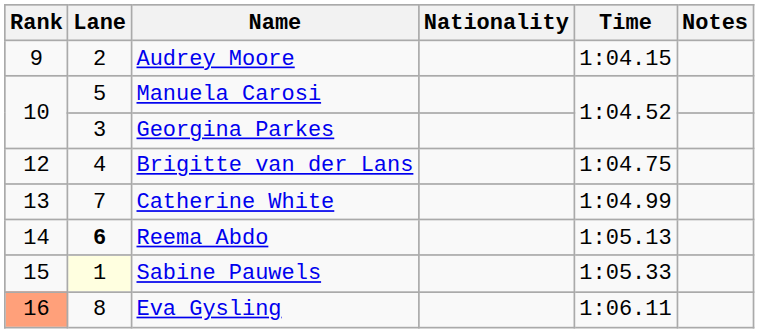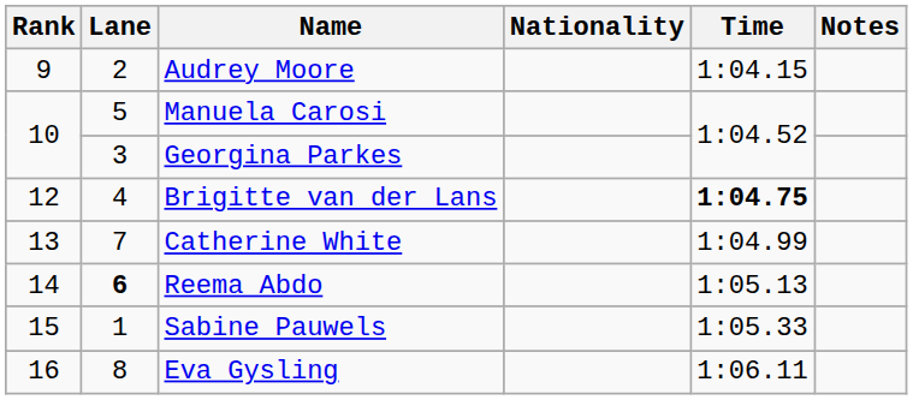 <table class="wikitable sortable" style="text-align:center">
 <tr>
 <th>Rank</th>
 <th>Lane</th>
 <th>Name</th>
 <th>Nationality</th>
 <th>Time</th>
 <th>Notes</th>
 </tr>
 <tr>
 <td>9</td>
 <td>2</td>
 <td align=left><a href='#'>Audrey Moore</a></td>
 <td align=left></td>
 <td>1:04.15</td>
 <td></td>
 </tr>
 <tr>
 <td rowspan=2>10</td>
 <td>5</td>
 <td align=left><a href='#'>Manuela Carosi</a></td>
 <td align=left></td>
 <td rowspan=2>1:04.52</td>
 <td></td>
 </tr>
 <tr>
 <td>3</td>
 <td align=left><a href='#'>Georgina Parkes</a></td>
 <td align=left></td>
 <td></td>
 </tr>
 <tr>
 <td>12</td>
 <td>4</td>
 <td align=left><a href='#'>Brigitte van der Lans</a></td>
 <td align=left></td>
-<td>1:04.75</td>
+<td><strong>1:04.75</strong></td>
 <td></td>
 </tr>
 <tr>
 <td>13</td>
 <td>7</td>
 <td align=left><a href='#'>Catherine White</a></td>
 <td align=left></td>
 <td>1:04.99</td>
 <td></td>
 </tr>
 <tr>
 <td>14</td>
 <td><strong>6</strong></td>
 <td align=left><a href='#'>Reema Abdo</a></td>
 <td align=left></td>
 <td>1:05.13</td>
 <td></td>
 </tr>
 <tr>
 <td>15</td>
-<td style="background: lightyellow;">1</td>
+<td>1</td>
 <td align=left><a href='#'>Sabine Pauwels</a></td>
 <td align=left></td>
 <td>1:05.33</td>
 <td></td>
 </tr>
 <tr>
-<td style="background: lightsalmon;">16</td>
+<td>16</td>
 <td>8</td>
 <td align=left><a href='#'>Eva Gysling</a></td>
 <td align=left></td>
 <td>1:06.11</td>
 <td></td>
 </tr>
 </table>
